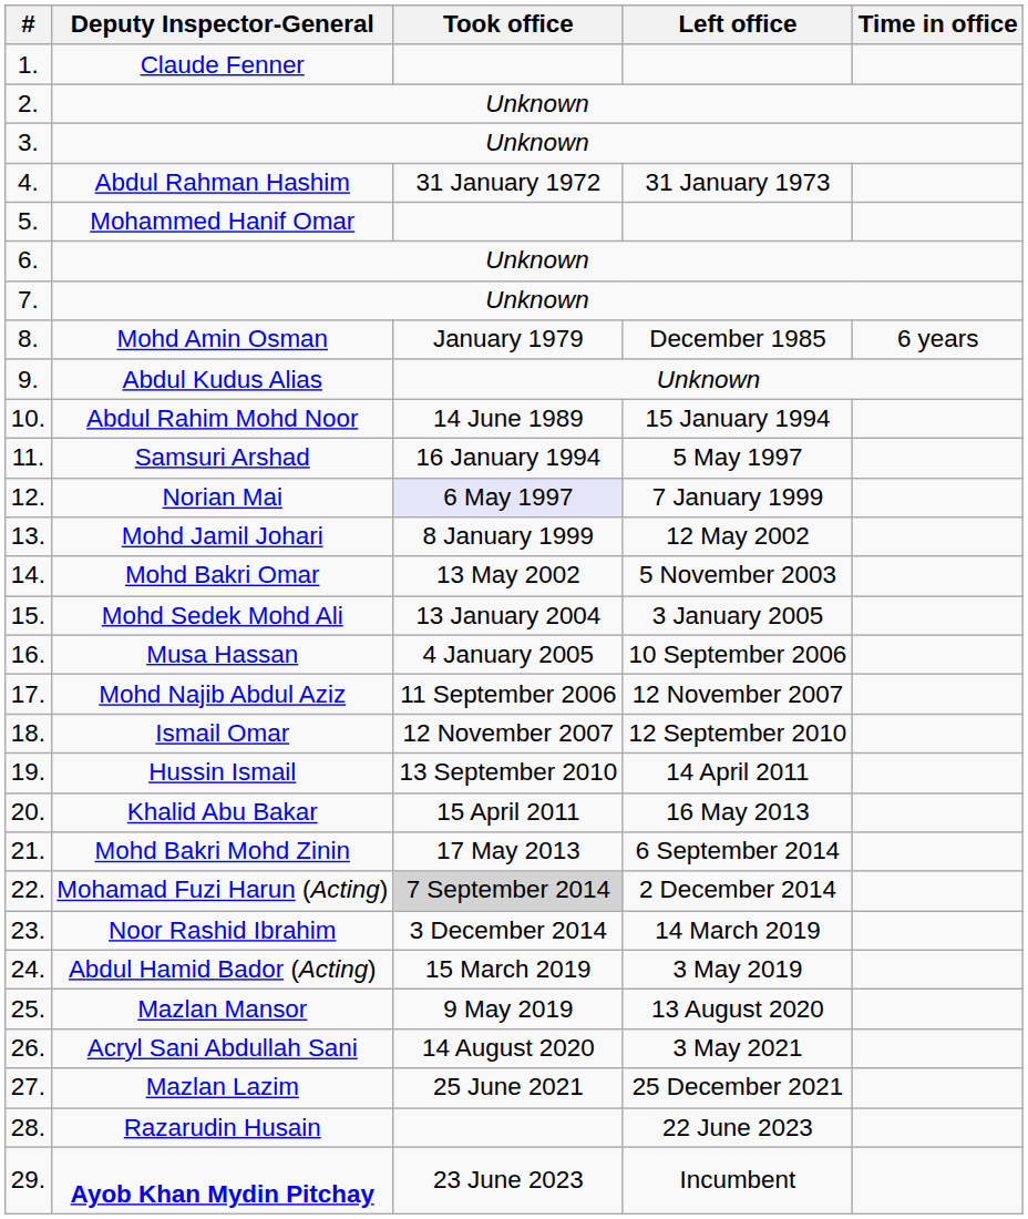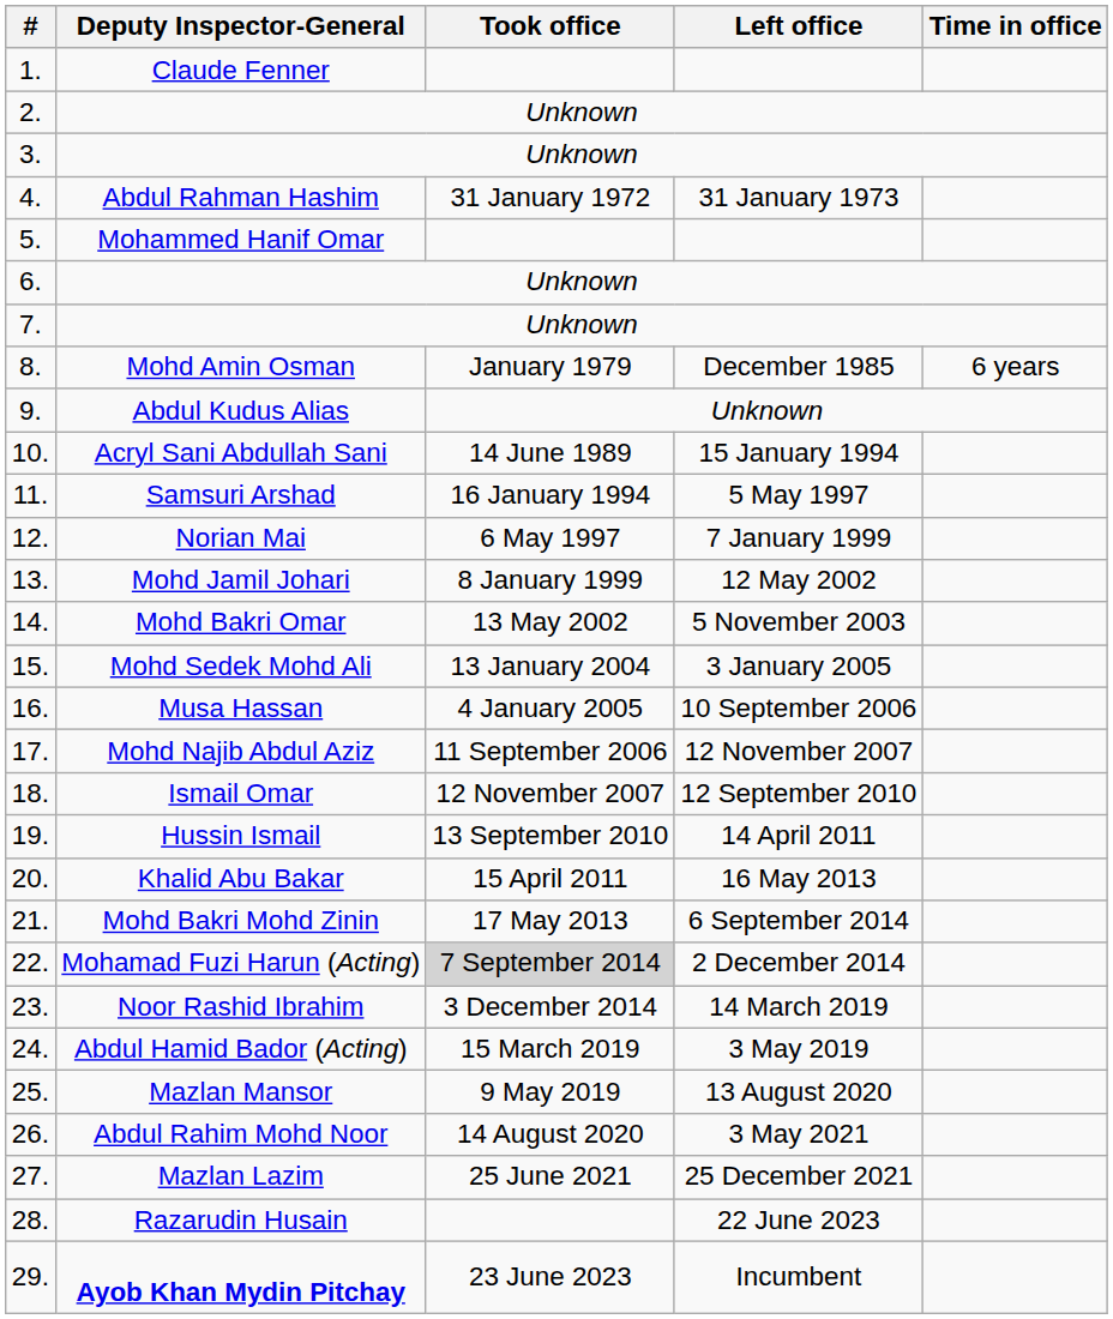 <table class="wikitable" style="text-align:center;">
 <tr bgcolor="#CCCCCC">
 <th>#</th>
 <th>Deputy Inspector-General</th>
 <th>Took office</th>
 <th>Left office</th>
 <th>Time in office</th>
 </tr>
 <tr>
 <td>1.</td>
 <td><a href='#'>Claude Fenner</a></td>
 <td></td>
 <td></td>
 <td></td>
 </tr>
 <tr>
 <td>2.</td>
 <td colspan=4 align=center><em>Unknown</em></td>
 </tr>
 <tr>
 <td>3.</td>
 <td colspan=4 align=center><em>Unknown</em></td>
 </tr>
 <tr>
 <td>4.</td>
 <td><a href='#'>Abdul Rahman Hashim</a></td>
 <td>31 January 1972</td>
 <td>31 January 1973</td>
 <td></td>
 </tr>
 <tr>
 <td>5.</td>
 <td><a href='#'>Mohammed Hanif Omar</a></td>
 <td></td>
 <td></td>
 <td></td>
 </tr>
 <tr>
 <td>6.</td>
 <td colspan=4 align=center><em>Unknown</em></td>
 </tr>
 <tr>
 <td>7.</td>
 <td colspan=4 align=center><em>Unknown</em></td>
 </tr>
 <tr>
 <td>8.</td>
 <td><a href='#'>Mohd Amin Osman</a></td>
 <td>January 1979</td>
 <td>December 1985</td>
 <td>6 years</td>
 </tr>
 <tr>
 <td>9.</td>
 <td><a href='#'>Abdul Kudus Alias</a></td>
 <td colspan=3 align=center><em>Unknown</em></td>
 </tr>
 <tr>
 <td>10.</td>
-<td><a href='#'>Abdul Rahim Mohd Noor</a></td>
+<td><a href='#'>Acryl Sani Abdullah Sani</a></td>
 <td>14 June 1989</td>
 <td>15 January 1994</td>
 <td></td>
 </tr>
 <tr>
 <td>11.</td>
 <td><a href='#'>Samsuri Arshad</a></td>
 <td>16 January 1994</td>
 <td>5 May 1997</td>
 <td></td>
 </tr>
 <tr>
 <td>12.</td>
 <td><a href='#'>Norian Mai</a></td>
-<td style="background: lavender;">6 May 1997</td>
+<td>6 May 1997</td>
 <td>7 January 1999</td>
 <td></td>
 </tr>
 <tr>
 <td>13.</td>
 <td><a href='#'>Mohd Jamil Johari</a></td>
 <td>8 January 1999</td>
 <td>12 May 2002</td>
 <td></td>
 </tr>
 <tr>
 <td>14.</td>
 <td><a href='#'>Mohd Bakri Omar</a></td>
 <td>13 May 2002</td>
 <td>5 November 2003</td>
 <td></td>
 </tr>
 <tr>
 <td>15.</td>
 <td><a href='#'>Mohd Sedek Mohd Ali</a></td>
 <td>13 January 2004</td>
 <td>3 January 2005</td>
 <td></td>
 </tr>
 <tr>
 <td>16.</td>
 <td><a href='#'>Musa Hassan</a></td>
 <td>4 January 2005</td>
 <td>10 September 2006</td>
 <td></td>
 </tr>
 <tr>
 <td>17.</td>
 <td><a href='#'>Mohd Najib Abdul Aziz</a></td>
 <td>11 September 2006</td>
 <td>12 November 2007</td>
 <td></td>
 </tr>
 <tr>
 <td>18.</td>
 <td><a href='#'>Ismail Omar</a></td>
 <td>12 November 2007</td>
 <td>12 September 2010</td>
 <td></td>
 </tr>
 <tr>
 <td>19.</td>
 <td><a href='#'>Hussin Ismail</a></td>
 <td>13 September 2010</td>
 <td>14 April 2011</td>
 <td></td>
 </tr>
 <tr>
 <td>20.</td>
 <td><a href='#'>Khalid Abu Bakar</a></td>
 <td>15 April 2011</td>
 <td>16 May 2013</td>
 <td></td>
 </tr>
 <tr>
 <td>21.</td>
 <td><a href='#'>Mohd Bakri Mohd Zinin</a></td>
 <td>17 May 2013</td>
 <td>6 September 2014</td>
 <td></td>
 </tr>
 <tr>
 <td>22.</td>
 <td><a href='#'>Mohamad Fuzi Harun</a> (<em>Acting</em>)</td>
 <td style="background: lightgrey;">7 September 2014</td>
 <td>2 December 2014</td>
 <td></td>
 </tr>
 <tr>
 <td>23.</td>
 <td><a href='#'>Noor Rashid Ibrahim</a></td>
 <td>3 December 2014</td>
 <td>14 March 2019</td>
 <td></td>
 </tr>
 <tr>
 <td>24.</td>
 <td><a href='#'>Abdul Hamid Bador</a> (<em>Acting</em>)</td>
 <td>15 March 2019</td>
 <td>3 May 2019</td>
 <td></td>
 </tr>
 <tr>
 <td>25.</td>
 <td><a href='#'>Mazlan Mansor</a></td>
 <td>9 May 2019</td>
 <td>13 August 2020</td>
 <td></td>
 </tr>
 <tr>
 <td>26.</td>
-<td><a href='#'>Acryl Sani Abdullah Sani</a></td>
+<td><a href='#'>Abdul Rahim Mohd Noor</a></td>
 <td>14 August 2020</td>
 <td>3 May 2021</td>
 <td></td>
 </tr>
 <tr>
 <td>27.</td>
 <td><a href='#'>Mazlan Lazim</a></td>
 <td>25 June 2021</td>
 <td>25 December 2021</td>
 <td></td>
 </tr>
 <tr>
 <td>28.</td>
 <td><a href='#'>Razarudin Husain</a></td>
 <td></td>
 <td>22 June 2023</td>
 <td></td>
 </tr>
 <tr>
 <td>29.</td>
 <td><br><strong><a href='#'>Ayob Khan Mydin Pitchay</a></strong><br></td>
 <td>23 June 2023</td>
 <td>Incumbent</td>
 <td></td>
 </tr>
 </table>
